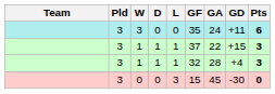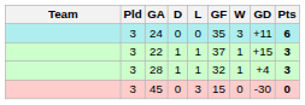 <table class="wikitable" style="text-align:center;">
 <tr>
 <th width=150>Team</th>
 <th width=20>Pld</th>
-<th width=20>W</th>
+<th width=20>GA</th>
 <th width=20>D</th>
 <th width=20>L</th>
 <th width=20>GF</th>
-<th width=20>GA</th>
+<th width=20>W</th>
 <th width=20>GD</th>
 <th width=20>Pts</th>
 </tr>
 <tr bgcolor="#afeeee">
 <td align="left"></td>
 <td>3</td>
-<td>3</td>
+<td>24</td>
 <td>0</td>
 <td>0</td>
 <td>35</td>
-<td>24</td>
+<td>3</td>
 <td>+11</td>
 <td><strong>6</strong></td>
 </tr>
 <tr bgcolor="#ccffcc">
 <td align="left"></td>
 <td>3</td>
-<td>1</td>
+<td>22</td>
 <td>1</td>
 <td>1</td>
 <td>37</td>
-<td>22</td>
+<td>1</td>
 <td>+15</td>
 <td><strong>3</strong></td>
 </tr>
 <tr bgcolor="#ccffcc">
 <td align="left"></td>
 <td>3</td>
-<td>1</td>
+<td>28</td>
 <td>1</td>
 <td>1</td>
 <td>32</td>
-<td>28</td>
+<td>1</td>
 <td>+4</td>
 <td><strong>3</strong></td>
 </tr>
 <tr bgcolor="#ffcccc">
 <td align="left"></td>
 <td>3</td>
-<td>0</td>
+<td>45</td>
 <td>0</td>
 <td>3</td>
 <td>15</td>
-<td>45</td>
+<td>0</td>
 <td>-30</td>
 <td><strong>0</strong></td>
 </tr>
 </table>
